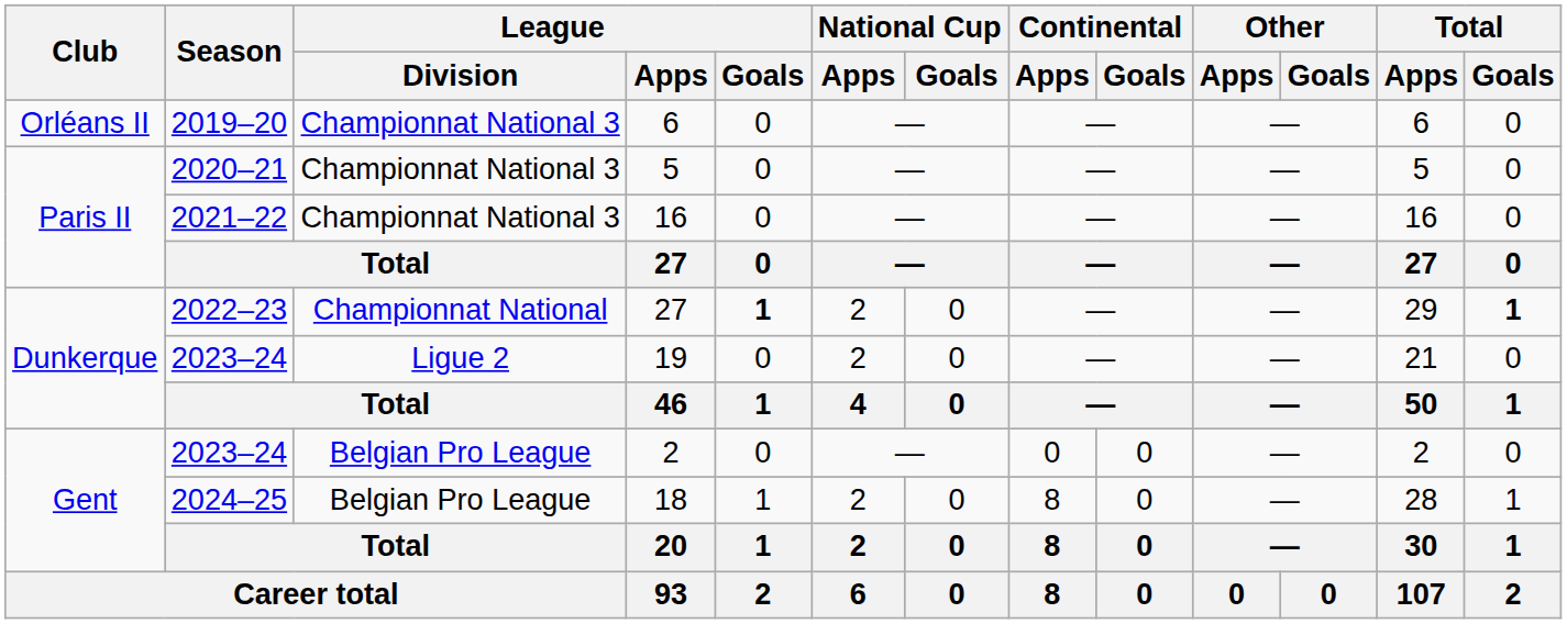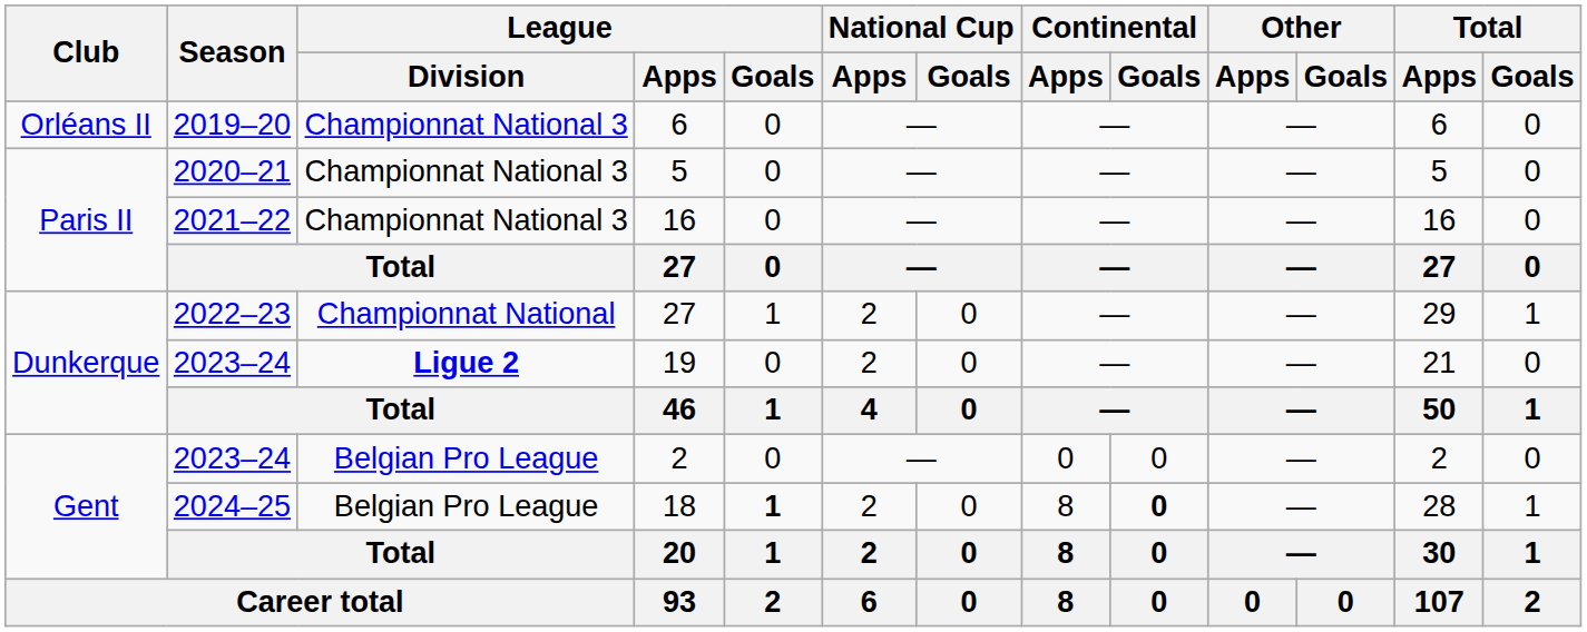 <table class=wikitable style=text-align:center>
 <tr>
 <th rowspan="2">Club</th>
 <th rowspan="2">Season</th>
 <th colspan="3">League</th>
 <th colspan="2">National Cup</th>
 <th colspan="2">Continental</th>
 <th colspan="2">Other</th>
 <th colspan="2">Total</th>
 </tr>
 <tr>
 <th>Division</th>
 <th>Apps</th>
 <th>Goals</th>
 <th>Apps</th>
 <th>Goals</th>
 <th>Apps</th>
 <th>Goals</th>
 <th>Apps</th>
 <th>Goals</th>
 <th>Apps</th>
 <th>Goals</th>
 </tr>
 <tr>
 <td><a href='#'>Orléans II</a></td>
 <td><a href='#'>2019–20</a></td>
 <td><a href='#'>Championnat National 3</a></td>
 <td>6</td>
 <td>0</td>
 <td colspan="2">—</td>
 <td colspan="2">—</td>
 <td colspan="2">—</td>
 <td>6</td>
 <td>0</td>
 </tr>
 <tr>
 <td rowspan="3"><a href='#'>Paris II</a></td>
 <td><a href='#'>2020–21</a></td>
 <td>Championnat National 3</td>
 <td>5</td>
 <td>0</td>
 <td colspan="2">—</td>
 <td colspan="2">—</td>
 <td colspan="2">—</td>
 <td>5</td>
 <td>0</td>
 </tr>
 <tr>
 <td><a href='#'>2021–22</a></td>
 <td>Championnat National 3</td>
 <td>16</td>
 <td>0</td>
 <td colspan="2">—</td>
 <td colspan="2">—</td>
 <td colspan="2">—</td>
 <td>16</td>
 <td>0</td>
 </tr>
 <tr>
 <th colspan="2">Total</th>
 <th>27</th>
 <th>0</th>
 <th colspan="2">—</th>
 <th colspan="2">—</th>
 <th colspan="2">—</th>
 <th>27</th>
 <th>0</th>
 </tr>
 <tr>
 <td rowspan="3"><a href='#'>Dunkerque</a></td>
 <td><a href='#'>2022–23</a></td>
 <td><a href='#'>Championnat National</a></td>
 <td>27</td>
-<td><strong>1</strong></td>
+<td>1</td>
 <td>2</td>
 <td>0</td>
 <td colspan="2">—</td>
 <td colspan="2">—</td>
 <td>29</td>
-<td><strong>1</strong></td>
+<td>1</td>
 </tr>
 <tr>
 <td><a href='#'>2023–24</a></td>
-<td><a href='#'>Ligue 2</a></td>
+<td><strong><a href='#'>Ligue 2</a></strong></td>
 <td>19</td>
 <td>0</td>
 <td>2</td>
 <td>0</td>
 <td colspan="2">—</td>
 <td colspan="2">—</td>
 <td>21</td>
 <td>0</td>
 </tr>
 <tr>
 <th colspan="2">Total</th>
 <th>46</th>
 <th>1</th>
 <th>4</th>
 <th>0</th>
 <th colspan="2">—</th>
 <th colspan="2">—</th>
 <th>50</th>
 <th>1</th>
 </tr>
 <tr>
 <td rowspan="3"><a href='#'>Gent</a></td>
 <td><a href='#'>2023–24</a></td>
 <td><a href='#'>Belgian Pro League</a></td>
 <td>2</td>
 <td>0</td>
 <td colspan="2">—</td>
 <td>0</td>
 <td>0</td>
 <td colspan="2">—</td>
 <td>2</td>
 <td>0</td>
 </tr>
 <tr>
 <td><a href='#'>2024–25</a></td>
 <td>Belgian Pro League</td>
 <td>18</td>
-<td>1</td>
+<td><strong>1</strong></td>
 <td>2</td>
 <td>0</td>
 <td>8</td>
-<td>0</td>
+<td><strong>0</strong></td>
 <td colspan="2">—</td>
 <td>28</td>
 <td>1</td>
 </tr>
 <tr>
 <th colspan="2">Total</th>
 <th>20</th>
 <th>1</th>
 <th>2</th>
 <th>0</th>
 <th>8</th>
 <th>0</th>
 <th colspan="2">—</th>
 <th>30</th>
 <th>1</th>
 </tr>
 <tr>
 <th colspan="3">Career total</th>
 <th>93</th>
 <th>2</th>
 <th>6</th>
 <th>0</th>
 <th>8</th>
 <th>0</th>
 <th>0</th>
 <th>0</th>
 <th>107</th>
 <th>2</th>
 </tr>
 </table>
